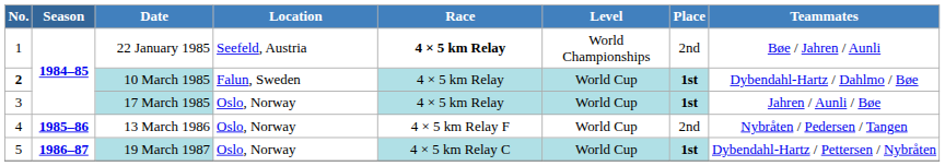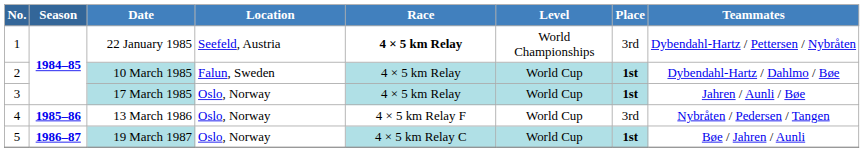 <table class="wikitable sortable" style="font-size:95%; text-align:center; border:grey solid 1px; border-collapse:collapse; background:#ffffff;">
 <tr style="background:#efefef;">
 <th style="background-color:#369; color:white;">No.</th>
 <th style="background-color:#369; color:white;">Season</th>
 <th style="background-color:#4180be; color:white; width:120px;">Date</th>
 <th style="background-color:#4180be; color:white; width:170px;">Location</th>
 <th style="background-color:#4180be; color:white; width:170px;">Race</th>
 <th style="background-color:#4180be; color:white; width:130px;">Level</th>
 <th style="background-color:#4180be; color:white;">Place</th>
 <th style="background-color:#4180be; color:white;">Teammates</th>
 </tr>
 <tr>
 <td align=center>1</td>
 <td rowspan=3 align=center><strong> <a href='#'>1984–85</a> </strong></td>
 <td align=right>22 January 1985</td>
 <td align=left> <a href='#'>Seefeld</a>, Austria</td>
 <td><strong>4 × 5 km Relay</strong></td>
 <td>World Championships</td>
-<td>2nd</td>
-<td><a href='#'>Bøe</a> / <a href='#'>Jahren</a> / <a href='#'>Aunli</a></td>
+<td>3rd</td>
+<td><a href='#'>Dybendahl-Hartz</a> / <a href='#'>Pettersen</a> / <a href='#'>Nybråten</a></td>
 </tr>
 <tr>
-<td align=center><strong>2</strong></td>
+<td align=center>2</td>
 <td bgcolor="#BOEOE6" align=right>10 March 1985</td>
 <td align=left> <a href='#'>Falun</a>, Sweden</td>
 <td bgcolor="#BOEOE6">4 × 5 km Relay</td>
 <td bgcolor="#BOEOE6">World Cup</td>
 <td bgcolor="#BOEOE6"><strong>1st</strong></td>
 <td><a href='#'>Dybendahl-Hartz</a> / <a href='#'>Dahlmo</a> / <a href='#'>Bøe</a></td>
 </tr>
 <tr>
 <td align=center>3</td>
 <td bgcolor="#BOEOE6" align=right>17 March 1985</td>
 <td align=left> <a href='#'>Oslo</a>, Norway</td>
 <td bgcolor="#BOEOE6">4 × 5 km Relay</td>
 <td bgcolor="#BOEOE6">World Cup</td>
 <td bgcolor="#BOEOE6"><strong>1st</strong></td>
 <td><a href='#'>Jahren</a> / <a href='#'>Aunli</a> / <a href='#'>Bøe</a></td>
 </tr>
 <tr>
 <td align=center>4</td>
 <td rowspan=1 align=center><strong> <a href='#'>1985–86</a> </strong></td>
 <td align=right>13 March 1986</td>
 <td align=left> <a href='#'>Oslo</a>, Norway</td>
 <td>4 × 5 km Relay F</td>
 <td>World Cup</td>
-<td>2nd</td>
+<td>3rd</td>
 <td><a href='#'>Nybråten</a> / <a href='#'>Pedersen</a> / <a href='#'>Tangen</a></td>
 </tr>
 <tr>
 <td align=center>5</td>
 <td rowspan=1 align=center><strong><a href='#'>1986–87</a></strong></td>
 <td bgcolor="#BOEOE6" align=right>19 March 1987</td>
 <td align=left> <a href='#'>Oslo</a>, Norway</td>
 <td bgcolor="#BOEOE6">4 × 5 km Relay C</td>
 <td bgcolor="#BOEOE6">World Cup</td>
 <td bgcolor="#BOEOE6"><strong>1st</strong></td>
-<td><a href='#'>Dybendahl-Hartz</a> / <a href='#'>Pettersen</a> / <a href='#'>Nybråten</a></td>
+<td><a href='#'>Bøe</a> / <a href='#'>Jahren</a> / <a href='#'>Aunli</a></td>
 </tr>
 <tr>
 </tr>
 </table>
